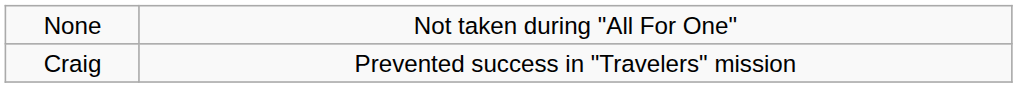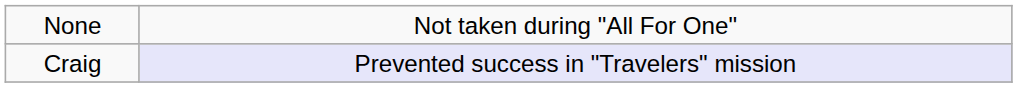 <table class="wikitable plainrowheaders floatright" style="font-size: 95%; margin: 10px; text-align: center;" align="right" width="40%">
 <tr>
 <td>None</td>
 <td>Not taken during "All For One"</td>
 </tr>
 <tr>
 <td>Craig</td>
-<td>Prevented success in "Travelers" mission</td>
+<td style="background: lavender;">Prevented success in "Travelers" mission</td>
 </tr>
 </table>
